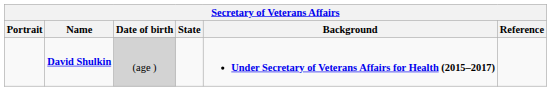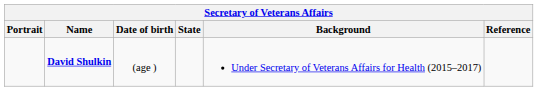 <table class="wikitable collapsible" style="text-align:center;">
 <tr>
 <th colspan="6"><a href='#'>Secretary of Veterans Affairs</a></th>
 </tr>
 <tr>
 <th>Portrait</th>
 <th>Name</th>
 <th>Date of birth</th>
 <th>State</th>
 <th>Background</th>
 <th>Reference</th>
 </tr>
 <tr>
 <td></td>
 <td><strong><a href='#'>David Shulkin</a></strong></td>
-<td style="background: lightgrey;"><br>(age )</td>
+<td><br>(age )</td>
 <td></td>
-<td><strong><br><ul><li><a href='#'>Under Secretary of Veterans Affairs for Health</a> (2015–2017)</li></ul></strong></td>
+<td><br><ul><li><a href='#'>Under Secretary of Veterans Affairs for Health</a> (2015–2017)</li></ul></td>
 <td></td>
 </tr>
 </table>
